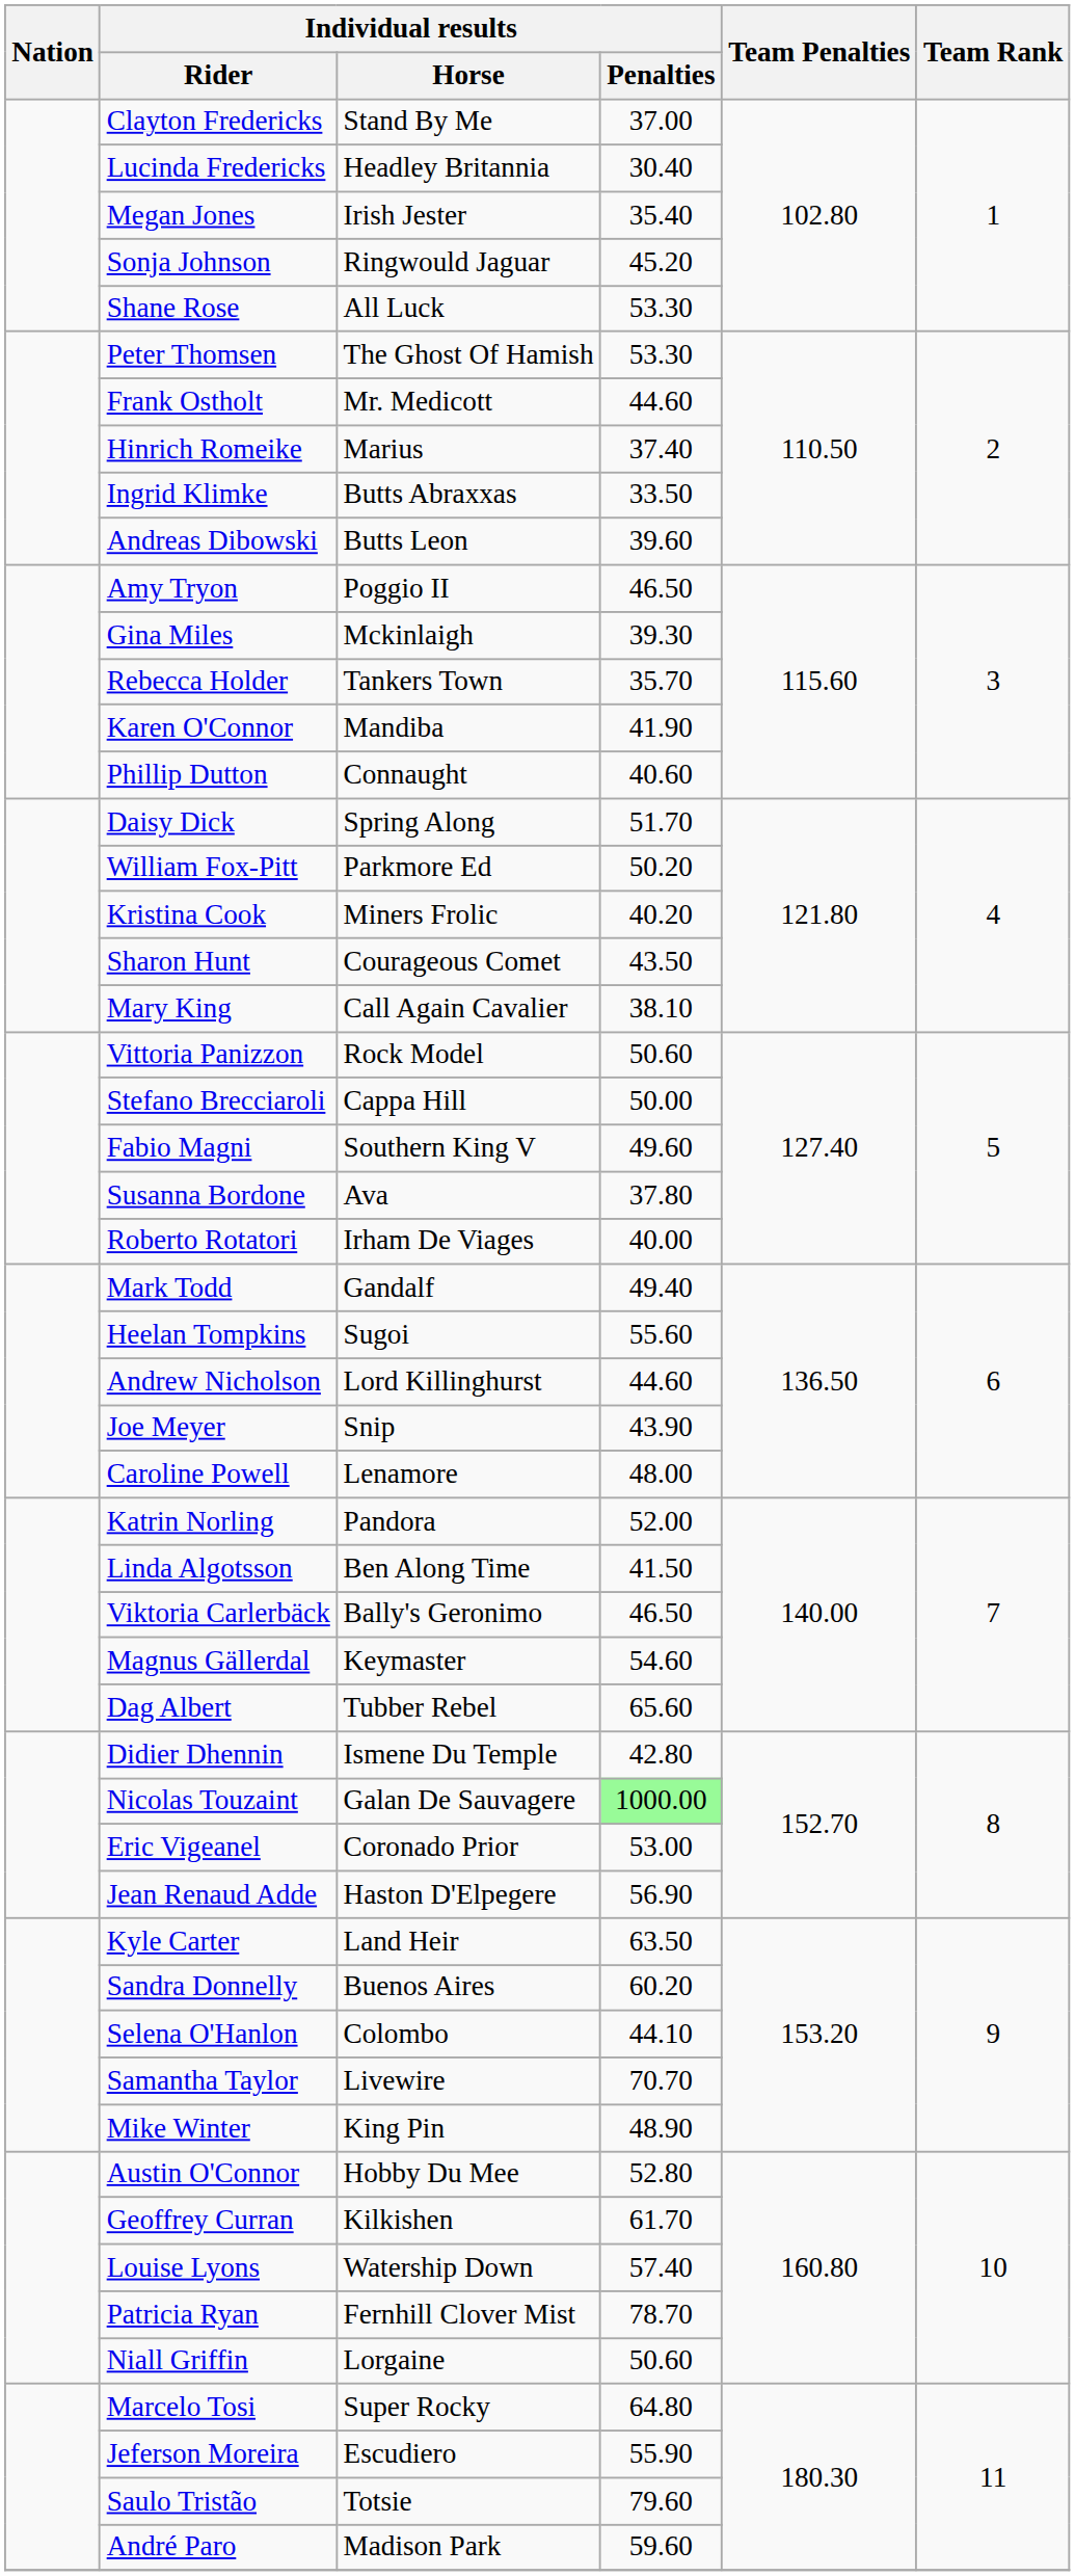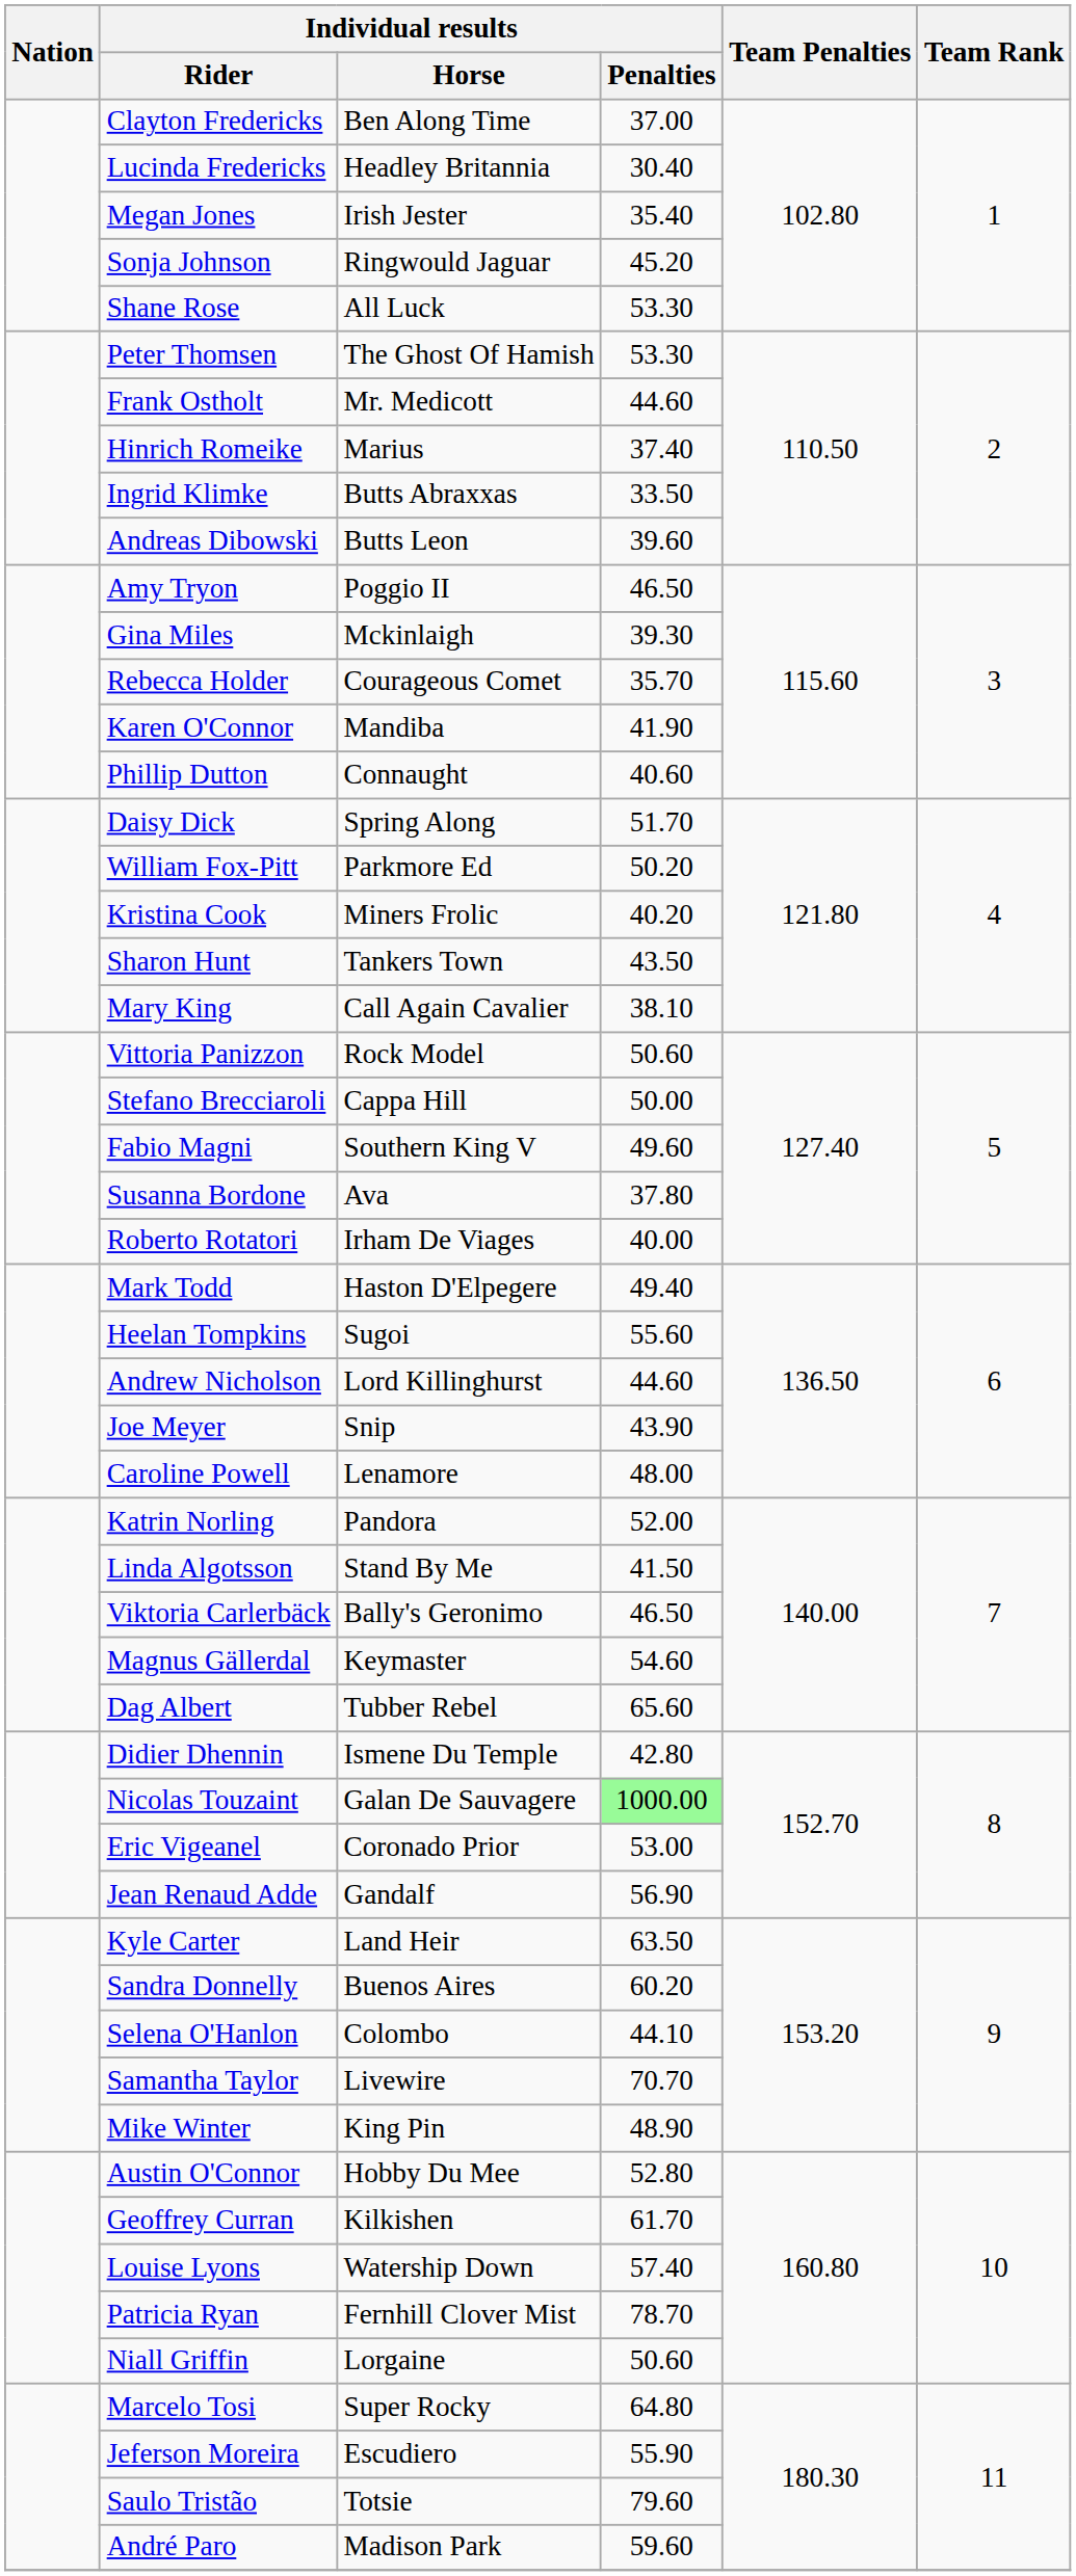 <table class="wikitable sortable" style="font-size:90%">
 <tr>
 <th rowspan="2">Nation</th>
 <th colspan="3">Individual results</th>
 <th rowspan="2">Team Penalties</th>
 <th rowspan="2">Team Rank</th>
 </tr>
 <tr>
 <th>Rider</th>
 <th>Horse</th>
 <th>Penalties</th>
 </tr>
 <tr>
 <td rowspan="5"></td>
 <td><a href='#'>Clayton Fredericks</a></td>
-<td>Stand By Me</td>
+<td>Ben Along Time</td>
 <td align=center>37.00</td>
 <td align=center rowspan="5">102.80</td>
 <td align=center rowspan="5">1</td>
 </tr>
 <tr>
 <td><a href='#'>Lucinda Fredericks</a></td>
 <td>Headley Britannia</td>
 <td align=center>30.40</td>
 </tr>
 <tr>
 <td><a href='#'>Megan Jones</a></td>
 <td>Irish Jester</td>
 <td align=center>35.40</td>
 </tr>
 <tr>
 <td><a href='#'>Sonja Johnson</a></td>
 <td>Ringwould Jaguar</td>
 <td align=center>45.20</td>
 </tr>
 <tr>
 <td><a href='#'>Shane Rose</a></td>
 <td>All Luck</td>
 <td align=center>53.30</td>
 </tr>
 <tr>
 <td rowspan="5"></td>
 <td><a href='#'>Peter Thomsen</a></td>
 <td>The Ghost Of Hamish</td>
 <td align=center>53.30</td>
 <td align=center rowspan="5">110.50</td>
 <td align=center rowspan="5">2</td>
 </tr>
 <tr>
 <td><a href='#'>Frank Ostholt</a></td>
 <td>Mr. Medicott</td>
 <td align=center>44.60</td>
 </tr>
 <tr>
 <td><a href='#'>Hinrich Romeike</a></td>
 <td>Marius</td>
 <td align=center>37.40</td>
 </tr>
 <tr>
 <td><a href='#'>Ingrid Klimke</a></td>
 <td>Butts Abraxxas</td>
 <td align=center>33.50</td>
 </tr>
 <tr>
 <td><a href='#'>Andreas Dibowski</a></td>
 <td>Butts Leon</td>
 <td align=center>39.60</td>
 </tr>
 <tr>
 <td rowspan="5"></td>
 <td><a href='#'>Amy Tryon</a></td>
 <td>Poggio II</td>
 <td align=center>46.50</td>
 <td align=center rowspan="5">115.60</td>
 <td align=center rowspan="5">3</td>
 </tr>
 <tr>
 <td><a href='#'>Gina Miles</a></td>
 <td>Mckinlaigh</td>
 <td align=center>39.30</td>
 </tr>
 <tr>
 <td><a href='#'>Rebecca Holder</a></td>
-<td>Tankers Town</td>
+<td>Courageous Comet</td>
 <td align=center>35.70</td>
 </tr>
 <tr>
 <td><a href='#'>Karen O'Connor</a></td>
 <td>Mandiba</td>
 <td align=center>41.90</td>
 </tr>
 <tr>
 <td><a href='#'>Phillip Dutton</a></td>
 <td>Connaught</td>
 <td align=center>40.60</td>
 </tr>
 <tr>
 <td rowspan="5"></td>
 <td><a href='#'>Daisy Dick</a></td>
 <td>Spring Along</td>
 <td align=center>51.70</td>
 <td align=center rowspan="5">121.80</td>
 <td align=center rowspan="5">4</td>
 </tr>
 <tr>
 <td><a href='#'>William Fox-Pitt</a></td>
 <td>Parkmore Ed</td>
 <td align=center>50.20</td>
 </tr>
 <tr>
 <td><a href='#'>Kristina Cook</a></td>
 <td>Miners Frolic</td>
 <td align=center>40.20</td>
 </tr>
 <tr>
 <td><a href='#'>Sharon Hunt</a></td>
-<td>Courageous Comet</td>
+<td>Tankers Town</td>
 <td align=center>43.50</td>
 </tr>
 <tr>
 <td><a href='#'>Mary King</a></td>
 <td>Call Again Cavalier</td>
 <td align=center>38.10</td>
 </tr>
 <tr>
 <td rowspan="5"></td>
 <td><a href='#'>Vittoria Panizzon</a></td>
 <td>Rock Model</td>
 <td align=center>50.60</td>
 <td align=center rowspan="5">127.40</td>
 <td align=center rowspan="5">5</td>
 </tr>
 <tr>
 <td><a href='#'>Stefano Brecciaroli</a></td>
 <td>Cappa Hill</td>
 <td align=center>50.00</td>
 </tr>
 <tr>
 <td><a href='#'>Fabio Magni</a></td>
 <td>Southern King V</td>
 <td align=center>49.60</td>
 </tr>
 <tr>
 <td><a href='#'>Susanna Bordone</a></td>
 <td>Ava</td>
 <td align=center>37.80</td>
 </tr>
 <tr>
 <td><a href='#'>Roberto Rotatori</a></td>
 <td>Irham De Viages</td>
 <td align=center>40.00</td>
 </tr>
 <tr>
 <td rowspan="5"></td>
 <td><a href='#'>Mark Todd</a></td>
-<td>Gandalf</td>
+<td>Haston D'Elpegere</td>
 <td align=center>49.40</td>
 <td align=center rowspan="5">136.50</td>
 <td align=center rowspan="5">6</td>
 </tr>
 <tr>
 <td><a href='#'>Heelan Tompkins</a></td>
 <td>Sugoi</td>
 <td align=center>55.60</td>
 </tr>
 <tr>
 <td><a href='#'>Andrew Nicholson</a></td>
 <td>Lord Killinghurst</td>
 <td align=center>44.60</td>
 </tr>
 <tr>
 <td><a href='#'>Joe Meyer</a></td>
 <td>Snip</td>
 <td align=center>43.90</td>
 </tr>
 <tr>
 <td><a href='#'>Caroline Powell</a></td>
 <td>Lenamore</td>
 <td align=center>48.00</td>
 </tr>
 <tr>
 <td rowspan="5"></td>
 <td><a href='#'>Katrin Norling</a></td>
 <td>Pandora</td>
 <td align=center>52.00</td>
 <td align=center rowspan="5">140.00</td>
 <td align=center rowspan="5">7</td>
 </tr>
 <tr>
 <td><a href='#'>Linda Algotsson</a></td>
-<td>Ben Along Time</td>
+<td>Stand By Me</td>
 <td align=center>41.50</td>
 </tr>
 <tr>
 <td><a href='#'>Viktoria Carlerbäck</a></td>
 <td>Bally's Geronimo</td>
 <td align=center>46.50</td>
 </tr>
 <tr>
 <td><a href='#'>Magnus Gällerdal</a></td>
 <td>Keymaster</td>
 <td align=center>54.60</td>
 </tr>
 <tr>
 <td><a href='#'>Dag Albert</a></td>
 <td>Tubber Rebel</td>
 <td align=center>65.60</td>
 </tr>
 <tr>
 <td rowspan="4"></td>
 <td><a href='#'>Didier Dhennin</a></td>
 <td>Ismene Du Temple</td>
 <td align=center>42.80</td>
 <td align=center rowspan="4">152.70</td>
 <td align=center rowspan="4">8</td>
 </tr>
 <tr>
 <td><a href='#'>Nicolas Touzaint</a></td>
 <td>Galan De Sauvagere</td>
 <td align=center bgcolor="palegreen">1000.00</td>
 </tr>
 <tr>
 <td><a href='#'>Eric Vigeanel</a></td>
 <td>Coronado Prior</td>
 <td align=center>53.00</td>
 </tr>
 <tr>
 <td><a href='#'>Jean Renaud Adde</a></td>
-<td>Haston D'Elpegere</td>
+<td>Gandalf</td>
 <td align=center>56.90</td>
 </tr>
 <tr>
 <td rowspan="5"></td>
 <td><a href='#'>Kyle Carter</a></td>
 <td>Land Heir</td>
 <td align=center>63.50</td>
 <td align=center rowspan="5">153.20</td>
 <td align=center rowspan="5">9</td>
 </tr>
 <tr>
 <td><a href='#'>Sandra Donnelly</a></td>
 <td>Buenos Aires</td>
 <td align=center>60.20</td>
 </tr>
 <tr>
 <td><a href='#'>Selena O'Hanlon</a></td>
 <td>Colombo</td>
 <td align=center>44.10</td>
 </tr>
 <tr>
 <td><a href='#'>Samantha Taylor</a></td>
 <td>Livewire</td>
 <td align=center>70.70</td>
 </tr>
 <tr>
 <td><a href='#'>Mike Winter</a></td>
 <td>King Pin</td>
 <td align=center>48.90</td>
 </tr>
 <tr>
 <td rowspan="5"></td>
 <td><a href='#'>Austin O'Connor</a></td>
 <td>Hobby Du Mee</td>
 <td align=center>52.80</td>
 <td align=center rowspan="5">160.80</td>
 <td align=center rowspan="5">10</td>
 </tr>
 <tr>
 <td><a href='#'>Geoffrey Curran</a></td>
 <td>Kilkishen</td>
 <td align=center>61.70</td>
 </tr>
 <tr>
 <td><a href='#'>Louise Lyons</a></td>
 <td>Watership Down</td>
 <td align=center>57.40</td>
 </tr>
 <tr>
 <td><a href='#'>Patricia Ryan</a></td>
 <td>Fernhill Clover Mist</td>
 <td align=center>78.70</td>
 </tr>
 <tr>
 <td><a href='#'>Niall Griffin</a></td>
 <td>Lorgaine</td>
 <td align=center>50.60</td>
 </tr>
 <tr>
 <td rowspan="4"></td>
 <td><a href='#'>Marcelo Tosi</a></td>
 <td>Super Rocky</td>
 <td align=center>64.80</td>
 <td align=center rowspan="4">180.30</td>
 <td align=center rowspan="4">11</td>
 </tr>
 <tr>
 <td><a href='#'>Jeferson Moreira</a></td>
 <td>Escudiero</td>
 <td align=center>55.90</td>
 </tr>
 <tr>
 <td><a href='#'>Saulo Tristão</a></td>
 <td>Totsie</td>
 <td align=center>79.60</td>
 </tr>
 <tr>
 <td><a href='#'>André Paro</a></td>
 <td>Madison Park</td>
 <td align=center>59.60</td>
 </tr>
 <tr>
 </tr>
 </table>
